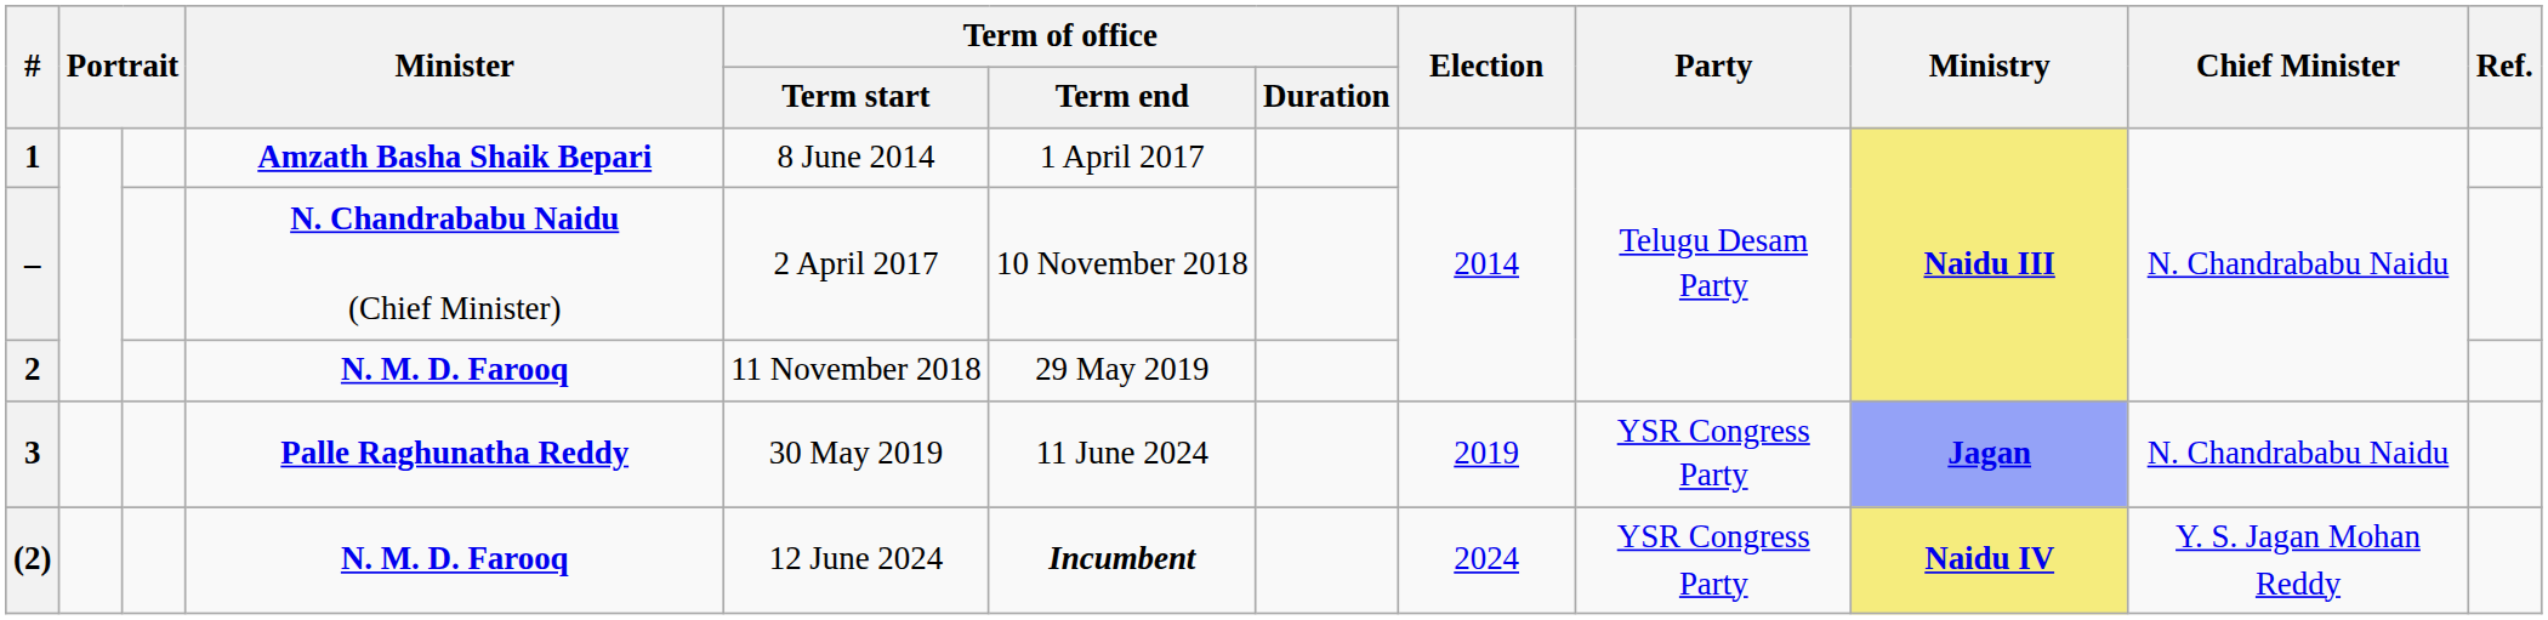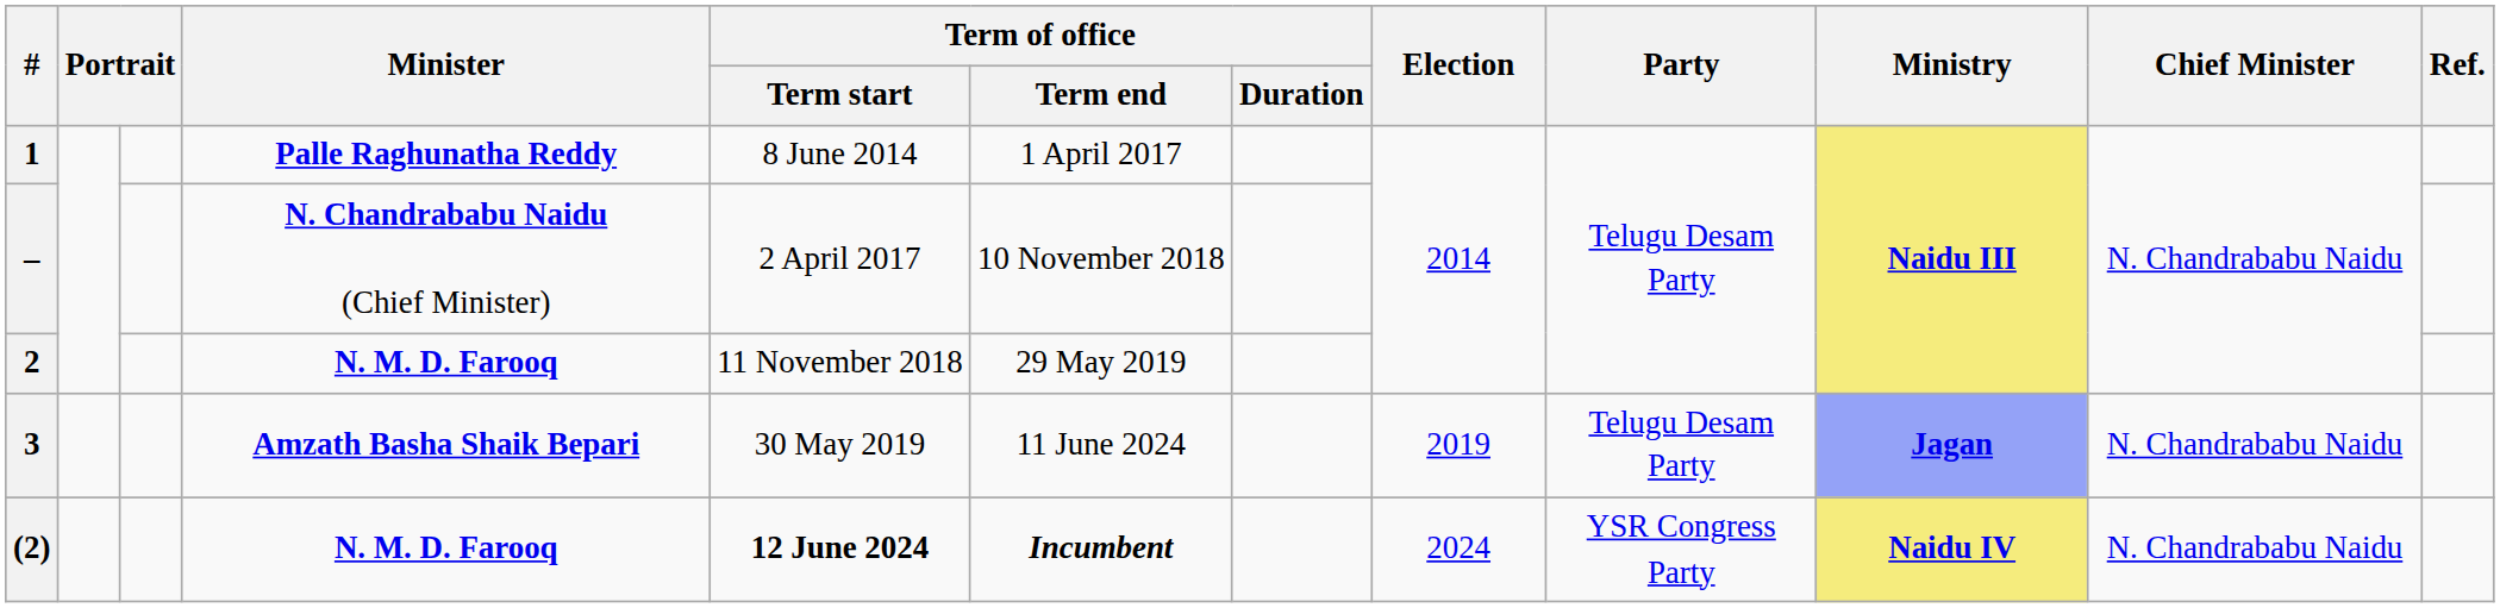 <table class="wikitable" style="line-height:1.4em; text-align:center">
 <tr>
 <th rowspan=2>#</th>
 <th rowspan=2 colspan="2">Portrait</th>
 <th rowspan=2 style="width:16em">Minister<br></th>
 <th colspan="3">Term of office</th>
 <th rowspan=2 style="width:5em">Election<br></th>
 <th rowspan=2 style="width:8em">Party</th>
 <th rowspan=2 style="width:8em">Ministry</th>
 <th rowspan=2 style="width:10em">Chief Minister</th>
 <th rowspan=2>Ref.</th>
 </tr>
 <tr>
 <th>Term start</th>
 <th>Term end</th>
 <th>Duration</th>
 </tr>
 <tr>
 <th>1</th>
 <td rowspan=3></td>
 <td></td>
-<td><strong><a href='#'>Amzath Basha Shaik Bepari</a></strong><br></td>
+<td><strong><a href='#'>Palle Raghunatha Reddy</a></strong><br></td>
 <td>8 June 2014</td>
 <td>1 April 2017</td>
 <td><strong></strong></td>
 <td rowspan=3><a href='#'>2014</a><br></td>
 <td rowspan=3><a href='#'>Telugu Desam Party</a></td>
 <td rowspan=3 bgcolor="#F5EC7D"><strong><a href='#'>Naidu III</a></strong></td>
 <td rowspan=3><a href='#'>N. Chandrababu Naidu</a></td>
 <td></td>
 </tr>
 <tr>
 <th>–</th>
 <td></td>
 <td><strong><a href='#'>N. Chandrababu Naidu</a></strong><br><br>(Chief Minister)</td>
 <td>2 April 2017</td>
 <td>10 November 2018</td>
 <td><strong></strong></td>
 <td></td>
 </tr>
 <tr>
 <th>2</th>
 <td></td>
 <td><strong><a href='#'>N. M. D. Farooq</a></strong><br></td>
 <td>11 November 2018</td>
 <td>29 May 2019</td>
 <td><strong></strong></td>
 <td></td>
 </tr>
 <tr>
 <th>3</th>
 <td></td>
 <td></td>
-<td><strong><a href='#'>Palle Raghunatha Reddy</a></strong><br></td>
+<td><strong><a href='#'>Amzath Basha Shaik Bepari</a></strong><br></td>
 <td>30 May 2019</td>
 <td>11 June 2024</td>
 <td><strong></strong></td>
 <td><a href='#'>2019</a><br></td>
-<td><a href='#'>YSR Congress Party</a></td>
+<td><a href='#'>Telugu Desam Party</a></td>
 <td bgcolor="#94A2F7"><strong><a href='#'>Jagan</a></strong></td>
 <td><a href='#'>N. Chandrababu Naidu</a></td>
 <td></td>
 </tr>
 <tr>
 <th>(2)</th>
 <td></td>
 <td></td>
 <td><strong><a href='#'>N. M. D. Farooq</a></strong><br></td>
-<td>12 June 2024</td>
+<td><strong>12 June 2024</strong></td>
 <td><strong><em>Incumbent</em></strong></td>
 <td><strong></strong></td>
 <td><a href='#'>2024</a><br></td>
 <td><a href='#'>YSR Congress Party</a></td>
 <td bgcolor="#F5EC7D"><strong><a href='#'>Naidu IV</a></strong></td>
-<td><a href='#'>Y. S. Jagan Mohan Reddy</a></td>
+<td><a href='#'>N. Chandrababu Naidu</a></td>
 <td></td>
 </tr>
 </table>
